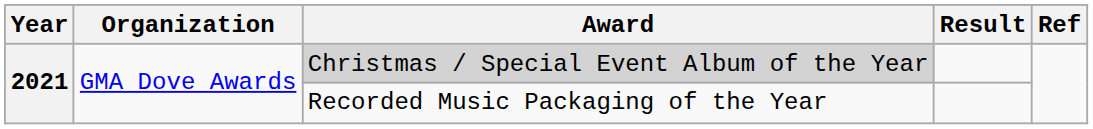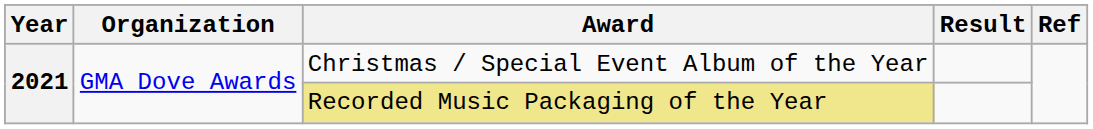 <table class="wikitable plainrowheaders">
 <tr>
 <th>Year</th>
 <th>Organization</th>
 <th>Award</th>
 <th>Result</th>
 <th>Ref</th>
 </tr>
 <tr>
 <th scope="row" rowspan="2">2021</th>
 <td rowspan="2"><a href='#'>GMA Dove Awards</a></td>
-<td style="background: lightgrey;">Christmas / Special Event Album of the Year</td>
+<td>Christmas / Special Event Album of the Year</td>
 <td></td>
 <td rowspan="2"></td>
 </tr>
 <tr>
-<td>Recorded Music Packaging of the Year</td>
+<td style="background: khaki;">Recorded Music Packaging of the Year</td>
 <td></td>
 </tr>
 </table>
